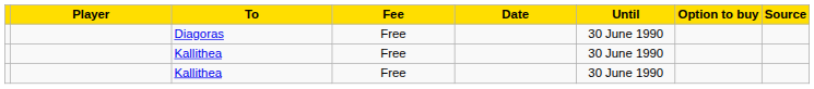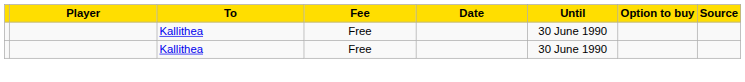 <table class="wikitable sortable">
 <tr>
 <th style="background:#FFDE00"></th>
 <th width=200 style="background:#FFDE00">Player</th>
 <th width=200 style="background:#FFDE00">To</th>
 <th width=150 style="background:#FFDE00">Fee</th>
 <th width=150 style="background:#FFDE00">Date</th>
 <th width=120 style="background:#FFDE00">Until</th>
 <th style="background:#FFDE00">Option to buy</th>
 <th style="background:#FFDE00">Source</th>
-</tr>
-<tr>
-<td align=center></td>
-<td></td>
-<td> <a href='#'>Diagoras</a></td>
-<td align=center>Free</td>
-<td align=center></td>
-<td align=center>30 June 1990</td>
-<td align=center></td>
-<td align=center></td>
 </tr>
 <tr>
 <td align=center></td>
 <td></td>
 <td> <a href='#'>Kallithea</a></td>
 <td align=center>Free</td>
 <td align=center></td>
 <td align=center>30 June 1990</td>
 <td align=center></td>
 <td align=center></td>
 </tr>
 <tr>
 <td align=center></td>
 <td></td>
 <td> <a href='#'>Kallithea</a></td>
 <td align=center>Free</td>
 <td align=center></td>
 <td align=center>30 June 1990</td>
 <td align=center></td>
 <td align=center></td>
 </tr>
 </table>
